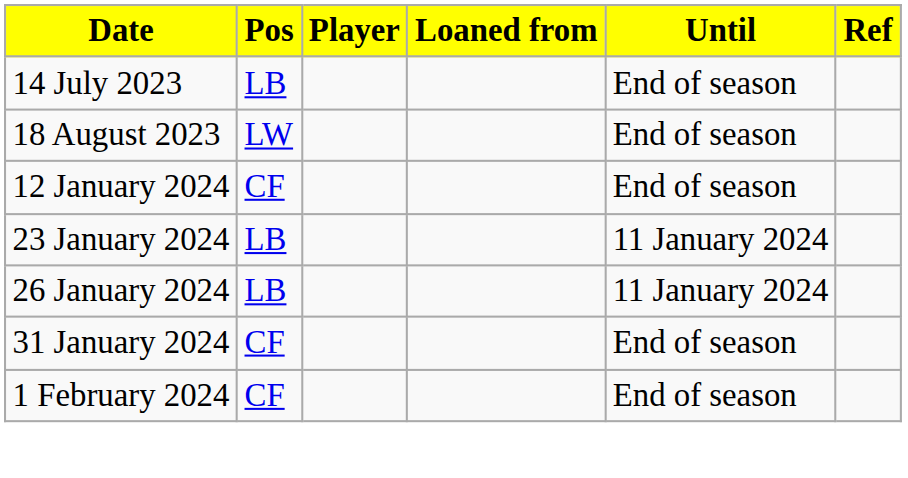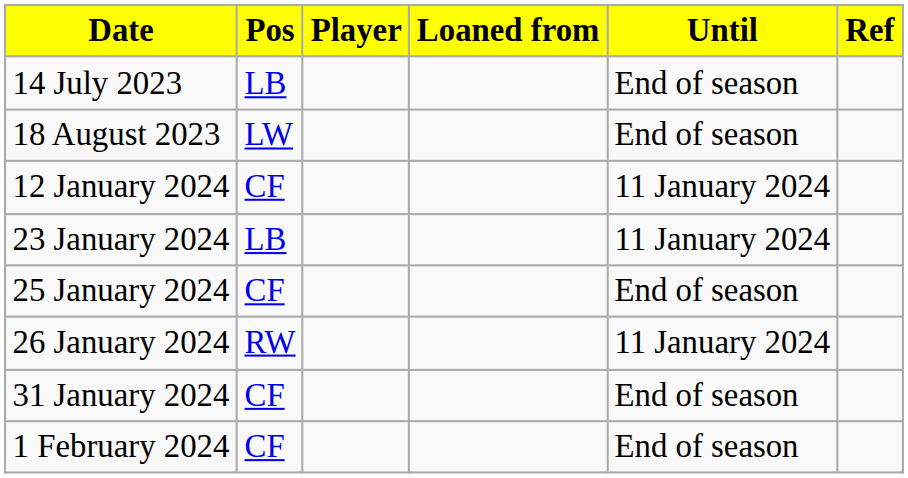 <table class="wikitable plainrowheaders sortable">
 <tr>
 <th style="background-color:yellow;">Date</th>
 <th style="background-color:yellow;">Pos</th>
 <th style="background-color:yellow;">Player</th>
 <th style="background-color:yellow;">Loaned from</th>
 <th style="background-color:yellow;">Until</th>
 <th style="background-color:yellow;">Ref</th>
 </tr>
 <tr>
 <td>14 July 2023</td>
 <td><a href='#'>LB</a></td>
 <td></td>
 <td></td>
 <td>End of season</td>
 <td></td>
 </tr>
 <tr>
 <td>18 August 2023</td>
 <td><a href='#'>LW</a></td>
 <td></td>
 <td></td>
 <td>End of season</td>
 <td></td>
 </tr>
 <tr>
 <td>12 January 2024</td>
 <td><a href='#'>CF</a></td>
 <td></td>
 <td></td>
-<td>End of season</td>
+<td>11 January 2024</td>
 <td></td>
 </tr>
 <tr>
 <td>23 January 2024</td>
 <td><a href='#'>LB</a></td>
 <td></td>
 <td></td>
 <td>11 January 2024</td>
 <td></td>
 </tr>
 <tr>
+<td>25 January 2024</td>
+<td><a href='#'>CF</a></td>
+<td></td>
+<td></td>
+<td>End of season</td>
+<td></td>
+</tr>
+<tr>
 <td>26 January 2024</td>
-<td><a href='#'>LB</a></td>
+<td><a href='#'>RW</a></td>
 <td></td>
 <td></td>
 <td>11 January 2024</td>
 <td></td>
 </tr>
 <tr>
 <td>31 January 2024</td>
 <td><a href='#'>CF</a></td>
 <td></td>
 <td></td>
 <td>End of season</td>
 <td></td>
 </tr>
 <tr>
 <td>1 February 2024</td>
 <td><a href='#'>CF</a></td>
 <td></td>
 <td></td>
 <td>End of season</td>
 <td></td>
 </tr>
 </table>
